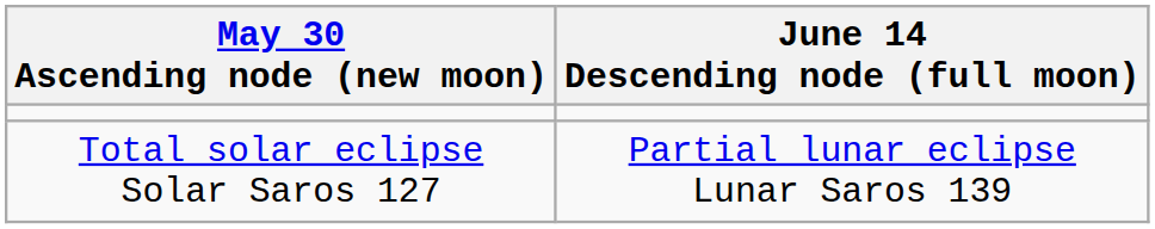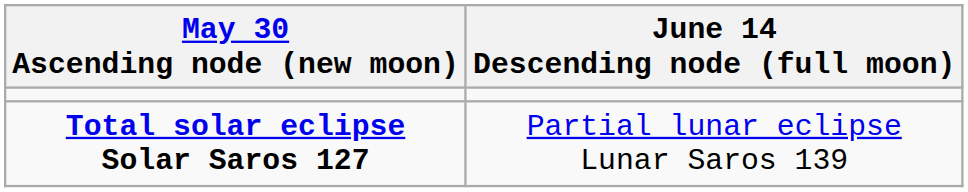 <table class="wikitable">
 <tr>
 <th><a href='#'>May 30</a><br>Ascending node (new moon)<br></th>
 <th>June 14<br>Descending node (full moon)</th>
 </tr>
 <tr>
 <td></td>
 <td></td>
 </tr>
 <tr align=center>
-<td><a href='#'>Total solar eclipse</a><br>Solar Saros 127</td>
+<td><strong><a href='#'>Total solar eclipse</a><br>Solar Saros 127</strong></td>
 <td><a href='#'>Partial lunar eclipse</a><br>Lunar Saros 139</td>
 </tr>
 </table>
